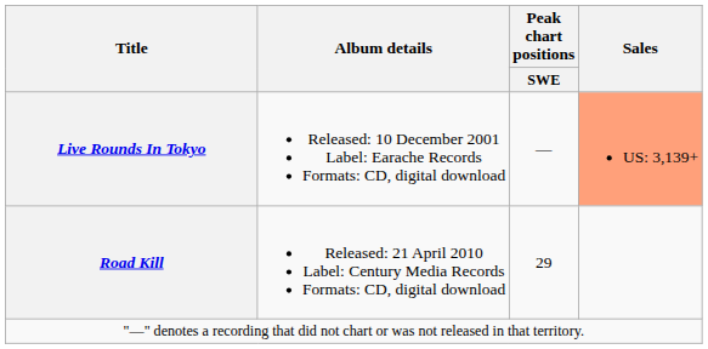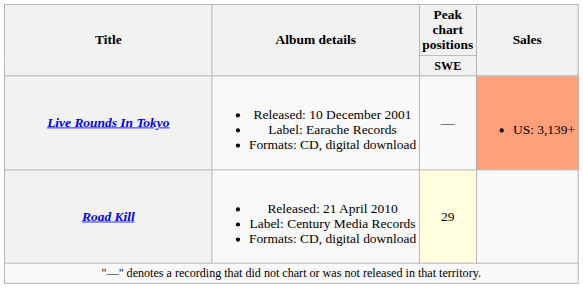 <table class="wikitable plainrowheaders" style="text-align:center;">
 <tr>
 <th scope="col" rowspan="2" style="width:15em;">Title</th>
 <th scope="col" rowspan="2">Album details</th>
 <th scope="col">Peak chart positions</th>
 <th scope="col" rowspan="2">Sales</th>
 </tr>
 <tr>
 <th scope="col" style="width:3em;font-size:90%;">SWE<br></th>
 </tr>
 <tr>
 <th scope="row"><em><a href='#'>Live Rounds In Tokyo</a></em></th>
 <td><br><ul><li>Released: 10 December 2001</li><li>Label: Earache Records</li><li>Formats: CD, digital download</li></ul></td>
 <td>—</td>
 <td style="background: lightsalmon;"><br><ul><li>US: 3,139+</li></ul></td>
 </tr>
 <tr>
 <th scope="row"><em><a href='#'>Road Kill</a></em></th>
 <td><br><ul><li>Released: 21 April 2010</li><li>Label: Century Media Records</li><li>Formats: CD, digital download</li></ul></td>
-<td>29</td>
+<td style="background: lightyellow;">29</td>
 <td></td>
 </tr>
 <tr>
 <td colspan="10" style="font-size:90%">"—" denotes a recording that did not chart or was not released in that territory.</td>
 </tr>
 </table>
